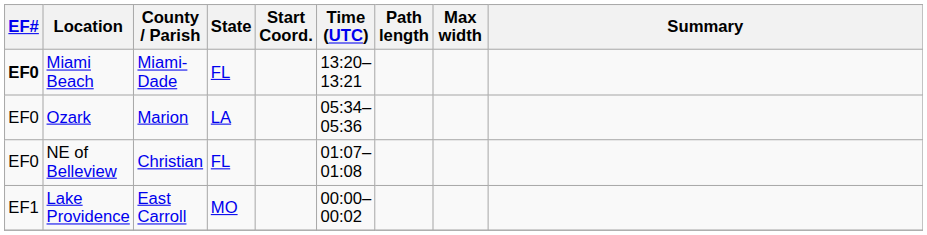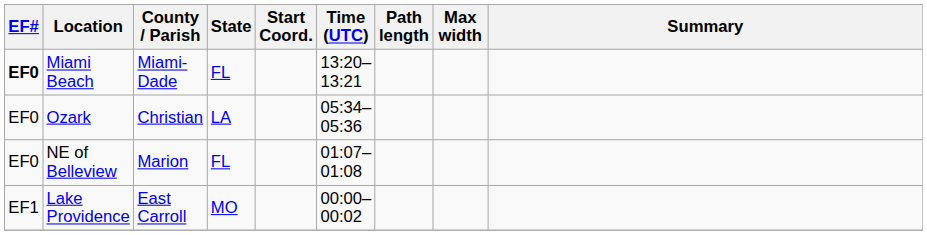 <table class="wikitable sortable" style="width:100%;">
 <tr>
 <th scope="col"  style="width:3%; text-align:center;"><a href='#'>EF#</a></th>
 <th scope="col"  style="width:7%; text-align:center;" class="unsortable">Location</th>
 <th scope="col"  style="width:6%; text-align:center;" class="unsortable">County / Parish</th>
 <th scope="col"  style="width:5%; text-align:center;">State</th>
 <th scope="col"  style="width:6%; text-align:center;">Start Coord.</th>
 <th scope="col"  style="width:6%; text-align:center;">Time (<a href='#'>UTC</a>)</th>
 <th scope="col"  style="width:6%; text-align:center;">Path length</th>
 <th scope="col"  style="width:6%; text-align:center;">Max width</th>
 <th scope="col" class="unsortable" style="width:48%; text-align:center;">Summary</th>
 </tr>
 <tr>
 <td><strong>EF0</strong></td>
 <td><a href='#'>Miami Beach</a></td>
 <td><a href='#'>Miami-Dade</a></td>
 <td><a href='#'>FL</a></td>
 <td></td>
 <td>13:20–13:21</td>
 <td></td>
 <td></td>
 <td></td>
 </tr>
 <tr>
 <td>EF0</td>
 <td><a href='#'>Ozark</a></td>
-<td><a href='#'>Marion</a></td>
+<td><a href='#'>Christian</a></td>
 <td><a href='#'>LA</a></td>
 <td></td>
 <td>05:34–05:36</td>
 <td></td>
 <td></td>
 <td></td>
 </tr>
 <tr>
 <td>EF0</td>
 <td>NE of <a href='#'>Belleview</a></td>
-<td><a href='#'>Christian</a></td>
+<td><a href='#'>Marion</a></td>
 <td><a href='#'>FL</a></td>
 <td></td>
 <td>01:07–01:08</td>
 <td></td>
 <td></td>
 <td></td>
 </tr>
 <tr>
 <td>EF1</td>
 <td><a href='#'>Lake Providence</a></td>
 <td><a href='#'>East Carroll</a></td>
 <td><a href='#'>MO</a></td>
 <td></td>
 <td>00:00–00:02</td>
 <td></td>
 <td></td>
 <td></td>
 </tr>
 <tr>
 </tr>
 </table>
